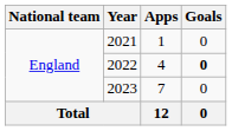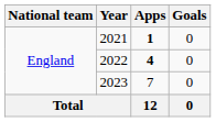 <table class="wikitable" style="text-align:center">
 <tr>
 <th>National team</th>
 <th>Year</th>
 <th>Apps</th>
 <th>Goals</th>
 </tr>
 <tr>
 <td rowspan="3"><a href='#'>England</a></td>
 <td>2021</td>
-<td>1</td>
+<td><strong>1</strong></td>
 <td>0</td>
 </tr>
 <tr>
 <td>2022</td>
-<td>4</td>
-<td><strong>0</strong></td>
+<td><strong>4</strong></td>
+<td>0</td>
 </tr>
 <tr>
 <td>2023</td>
 <td>7</td>
 <td>0</td>
 </tr>
 <tr>
 <th colspan="2">Total</th>
 <th>12</th>
 <th>0</th>
 </tr>
 </table>
